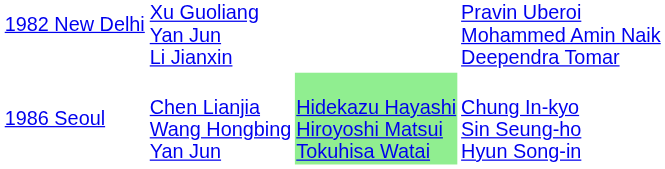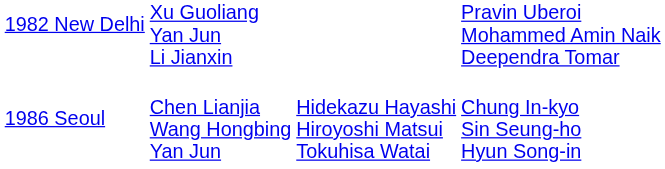 <table>
 <tr>
 <td><a href='#'>1982 New Delhi</a></td>
 <td><br><a href='#'>Xu Guoliang</a><br><a href='#'>Yan Jun</a><br><a href='#'>Li Jianxin</a></td>
 <td valign=top></td>
 <td><br><a href='#'>Pravin Uberoi</a><br><a href='#'>Mohammed Amin Naik</a><br><a href='#'>Deependra Tomar</a></td>
 </tr>
 <tr>
 <td><a href='#'>1986 Seoul</a></td>
 <td><br><a href='#'>Chen Lianjia</a><br><a href='#'>Wang Hongbing</a><br><a href='#'>Yan Jun</a></td>
-<td style="background: lightgreen;"><br><a href='#'>Hidekazu Hayashi</a><br><a href='#'>Hiroyoshi Matsui</a><br><a href='#'>Tokuhisa Watai</a></td>
+<td><br><a href='#'>Hidekazu Hayashi</a><br><a href='#'>Hiroyoshi Matsui</a><br><a href='#'>Tokuhisa Watai</a></td>
 <td><br><a href='#'>Chung In-kyo</a><br><a href='#'>Sin Seung-ho</a><br><a href='#'>Hyun Song-in</a></td>
 </tr>
 </table>
